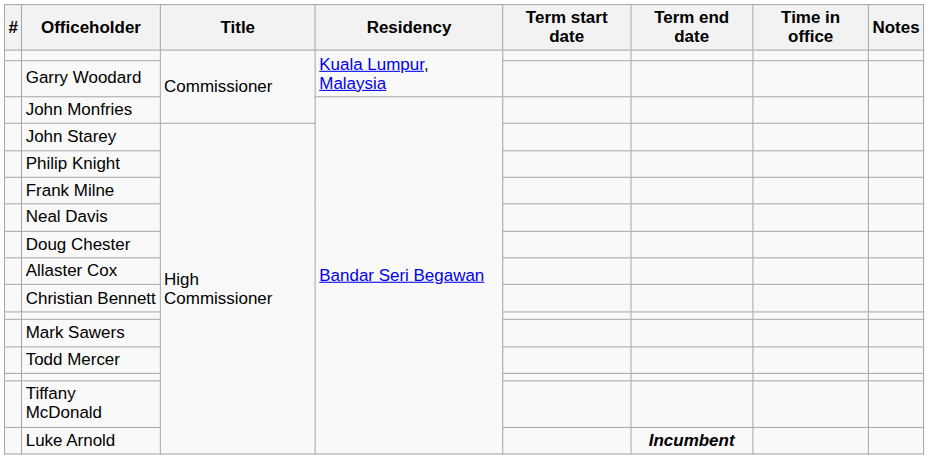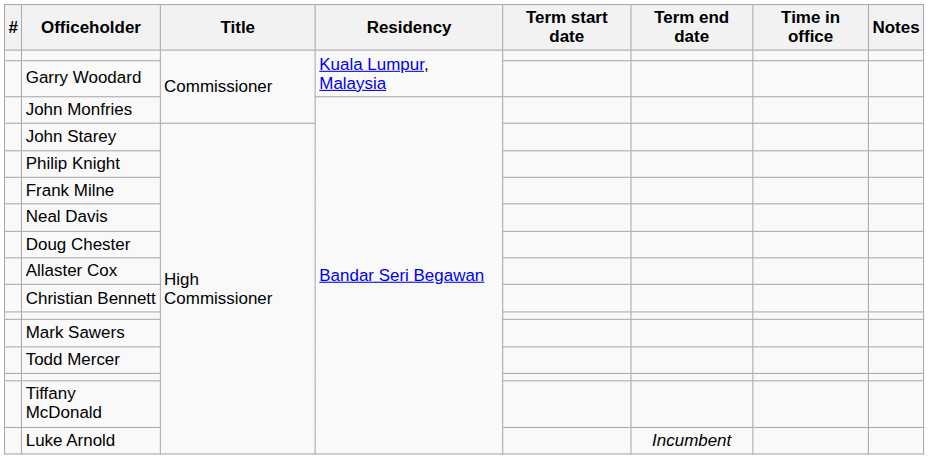 <table class='wikitable sortable'>
 <tr>
 <th>#</th>
 <th>Officeholder</th>
 <th>Title</th>
 <th>Residency</th>
 <th>Term start date</th>
 <th>Term end date</th>
 <th>Time in office</th>
 <th>Notes</th>
 </tr>
 <tr>
 <td align=center></td>
 <td></td>
 <td rowspan=3>Commissioner</td>
 <td rowspan=2><a href='#'>Kuala Lumpur</a>, <a href='#'>Malaysia</a></td>
 <td align=center></td>
 <td align=center></td>
 <td align=right></td>
 <td></td>
 </tr>
 <tr>
 <td align=center></td>
 <td>Garry Woodard</td>
 <td align=center></td>
 <td align=center></td>
 <td align=right></td>
 <td></td>
 </tr>
 <tr>
 <td align=center></td>
 <td>John Monfries</td>
 <td rowspan=14><a href='#'>Bandar Seri Begawan</a></td>
 <td align=center></td>
 <td align=center></td>
 <td align=right></td>
 <td></td>
 </tr>
 <tr>
 <td align=center></td>
 <td>John Starey</td>
 <td rowspan=13>High Commissioner</td>
 <td align=center></td>
 <td align=center></td>
 <td align=right><strong></strong></td>
 <td></td>
 </tr>
 <tr>
 <td align=center></td>
 <td>Philip Knight</td>
 <td align=center></td>
 <td align=center></td>
 <td align=right></td>
 <td></td>
 </tr>
 <tr>
 <td align=center></td>
 <td>Frank Milne</td>
 <td align=center></td>
 <td align=center></td>
 <td align=right></td>
 <td></td>
 </tr>
 <tr>
 <td align=center></td>
 <td>Neal Davis</td>
 <td align=center></td>
 <td align=center></td>
 <td align=right></td>
 <td></td>
 </tr>
 <tr>
 <td align=center></td>
 <td>Doug Chester</td>
 <td align=center></td>
 <td align=center></td>
 <td align=right></td>
 <td></td>
 </tr>
 <tr>
 <td align=center></td>
 <td>Allaster Cox</td>
 <td align=center></td>
 <td align=center></td>
 <td align=right></td>
 <td></td>
 </tr>
 <tr>
 <td align=center></td>
 <td>Christian Bennett</td>
 <td align=center></td>
 <td align=center></td>
 <td align=right></td>
 <td></td>
 </tr>
 <tr>
 <td align=center></td>
 <td></td>
 <td align=center></td>
 <td align=center></td>
 <td align=right></td>
 <td></td>
 </tr>
 <tr>
 <td align=center></td>
 <td>Mark Sawers</td>
 <td align=center></td>
 <td align=center></td>
 <td align=right></td>
 <td></td>
 </tr>
 <tr>
 <td align=center></td>
 <td>Todd Mercer</td>
 <td align=center></td>
 <td align=center></td>
 <td align=right></td>
 <td></td>
 </tr>
 <tr>
 <td align=center></td>
 <td></td>
 <td align=center></td>
 <td align=center></td>
 <td align=right></td>
 <td></td>
 </tr>
 <tr>
 <td align=center></td>
 <td>Tiffany McDonald</td>
 <td align=center></td>
 <td align=center></td>
 <td align=right></td>
 <td></td>
 </tr>
 <tr>
 <td align=center></td>
 <td>Luke Arnold</td>
 <td align=center></td>
-<td align=center><strong><em>Incumbent</em></strong></td>
+<td align=center><em>Incumbent</em></td>
 <td align=right></td>
 <td></td>
 </tr>
 </table>
